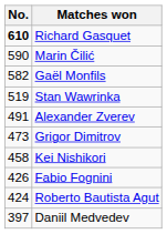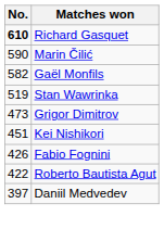 <table class="wikitable" style="display: inline-table;">
 <tr>
 <th>No.</th>
 <th>Matches won</th>
 </tr>
 <tr>
 <td><strong>610</strong></td>
 <td> <a href='#'>Richard Gasquet</a></td>
 </tr>
 <tr>
 <td>590</td>
 <td> <a href='#'>Marin Čilić</a></td>
 </tr>
 <tr>
 <td>582</td>
 <td> <a href='#'>Gaël Monfils</a></td>
 </tr>
 <tr>
 <td>519</td>
 <td> <a href='#'>Stan Wawrinka</a></td>
 </tr>
 <tr>
-<td>491</td>
-<td> <a href='#'>Alexander Zverev</a></td>
-</tr>
-<tr>
 <td>473</td>
 <td> <a href='#'>Grigor Dimitrov</a></td>
 </tr>
 <tr>
-<td>458</td>
+<td>451</td>
 <td> <a href='#'>Kei Nishikori</a></td>
 </tr>
 <tr>
 <td>426</td>
 <td> <a href='#'>Fabio Fognini</a></td>
 </tr>
 <tr>
-<td>424</td>
+<td>422</td>
 <td> <a href='#'>Roberto Bautista Agut</a></td>
 </tr>
 <tr>
 <td>397</td>
 <td> Daniil Medvedev<br></td>
 </tr>
 </table>
